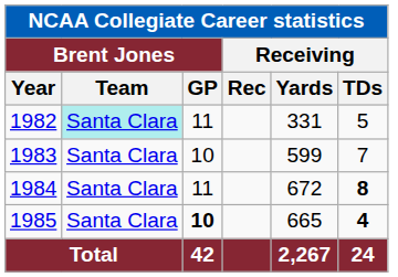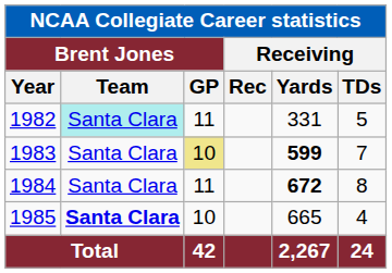 <table class="wikitable" style="text-align:center;">
 <tr>
 <td ! colspan="14" style="background-color:#005eb8; color:#ffffff; color:white;"><div><strong>NCAA Collegiate Career statistics</strong></div></td>
 </tr>
 <tr>
 <th colspan="3" style="text-align: center; font-weight:bold; background-color:#862633; color:#ffffff;">Brent Jones</th>
 <th colspan="3">Receiving</th>
 </tr>
 <tr>
 <th>Year</th>
 <th>Team</th>
 <th>GP</th>
 <th>Rec</th>
 <th>Yards</th>
 <th>TDs</th>
 </tr>
 <tr>
 <td><a href='#'>1982</a></td>
 <td style="background: paleturquoise;"><a href='#'>Santa Clara</a></td>
 <td>11</td>
 <td></td>
 <td>331</td>
 <td>5</td>
 </tr>
 <tr>
 <td><a href='#'>1983</a></td>
 <td><a href='#'>Santa Clara</a></td>
-<td>10</td>
+<td style="background: khaki;">10</td>
 <td></td>
-<td>599</td>
+<td><strong>599</strong></td>
 <td>7</td>
 </tr>
 <tr>
 <td><a href='#'>1984</a></td>
 <td><a href='#'>Santa Clara</a></td>
 <td>11</td>
 <td></td>
-<td>672</td>
-<td><strong>8</strong></td>
+<td><strong>672</strong></td>
+<td>8</td>
 </tr>
 <tr>
 <td><a href='#'>1985</a></td>
-<td><a href='#'>Santa Clara</a></td>
-<td><strong>10</strong></td>
+<td><strong><a href='#'>Santa Clara</a></strong></td>
+<td>10</td>
 <td></td>
 <td>665</td>
-<td><strong>4</strong></td>
+<td>4</td>
 </tr>
 <tr style="background:#862633; font-weight:bold; color:white;">
 <td colspan="2">Total</td>
 <td>42</td>
 <td></td>
 <td>2,267</td>
 <td>24</td>
 </tr>
 </table>
